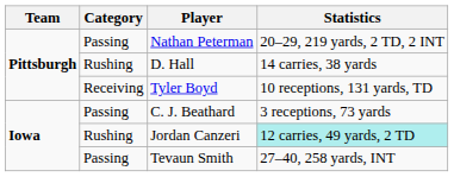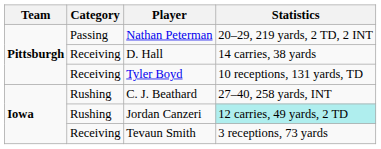 <table class="wikitable" style="float: left;">
 <tr>
 <th>Team</th>
 <th>Category</th>
 <th>Player</th>
 <th>Statistics</th>
 </tr>
 <tr>
 <td rowspan=3><strong>Pittsburgh</strong></td>
 <td>Passing</td>
 <td><a href='#'>Nathan Peterman</a></td>
 <td>20–29, 219 yards, 2 TD, 2 INT</td>
 </tr>
 <tr>
-<td>Rushing</td>
+<td>Receiving</td>
 <td>D. Hall</td>
 <td>14 carries, 38 yards</td>
 </tr>
 <tr>
 <td>Receiving</td>
 <td><a href='#'>Tyler Boyd</a></td>
 <td>10 receptions, 131 yards, TD</td>
 </tr>
 <tr>
 <td rowspan=3><strong>Iowa</strong></td>
-<td>Passing</td>
+<td>Rushing</td>
 <td>C. J. Beathard</td>
-<td>3 receptions, 73 yards</td>
+<td>27–40, 258 yards, INT</td>
 </tr>
 <tr>
 <td>Rushing</td>
 <td>Jordan Canzeri</td>
 <td style="background: paleturquoise;">12 carries, 49 yards, 2 TD</td>
 </tr>
 <tr>
-<td>Passing</td>
+<td>Receiving</td>
 <td>Tevaun Smith</td>
-<td>27–40, 258 yards, INT</td>
+<td>3 receptions, 73 yards</td>
 </tr>
 </table>
